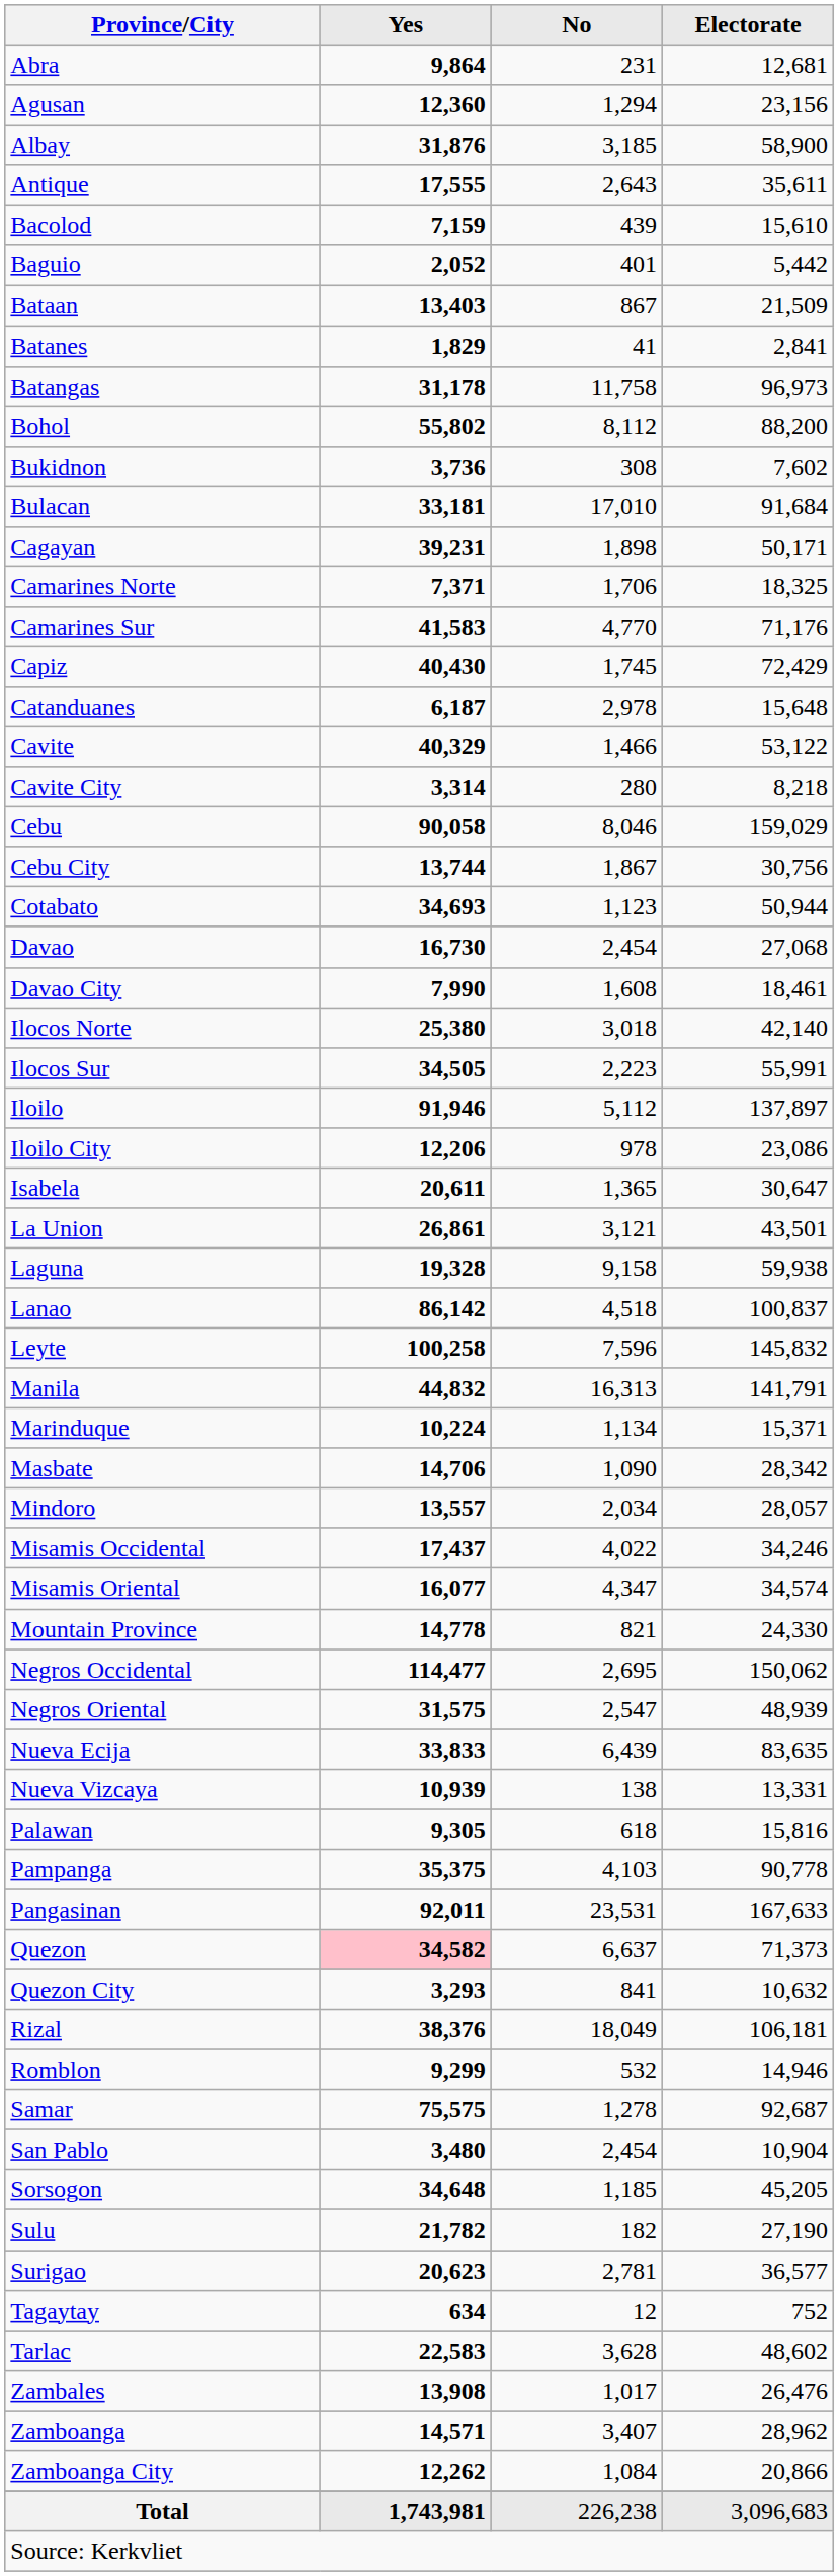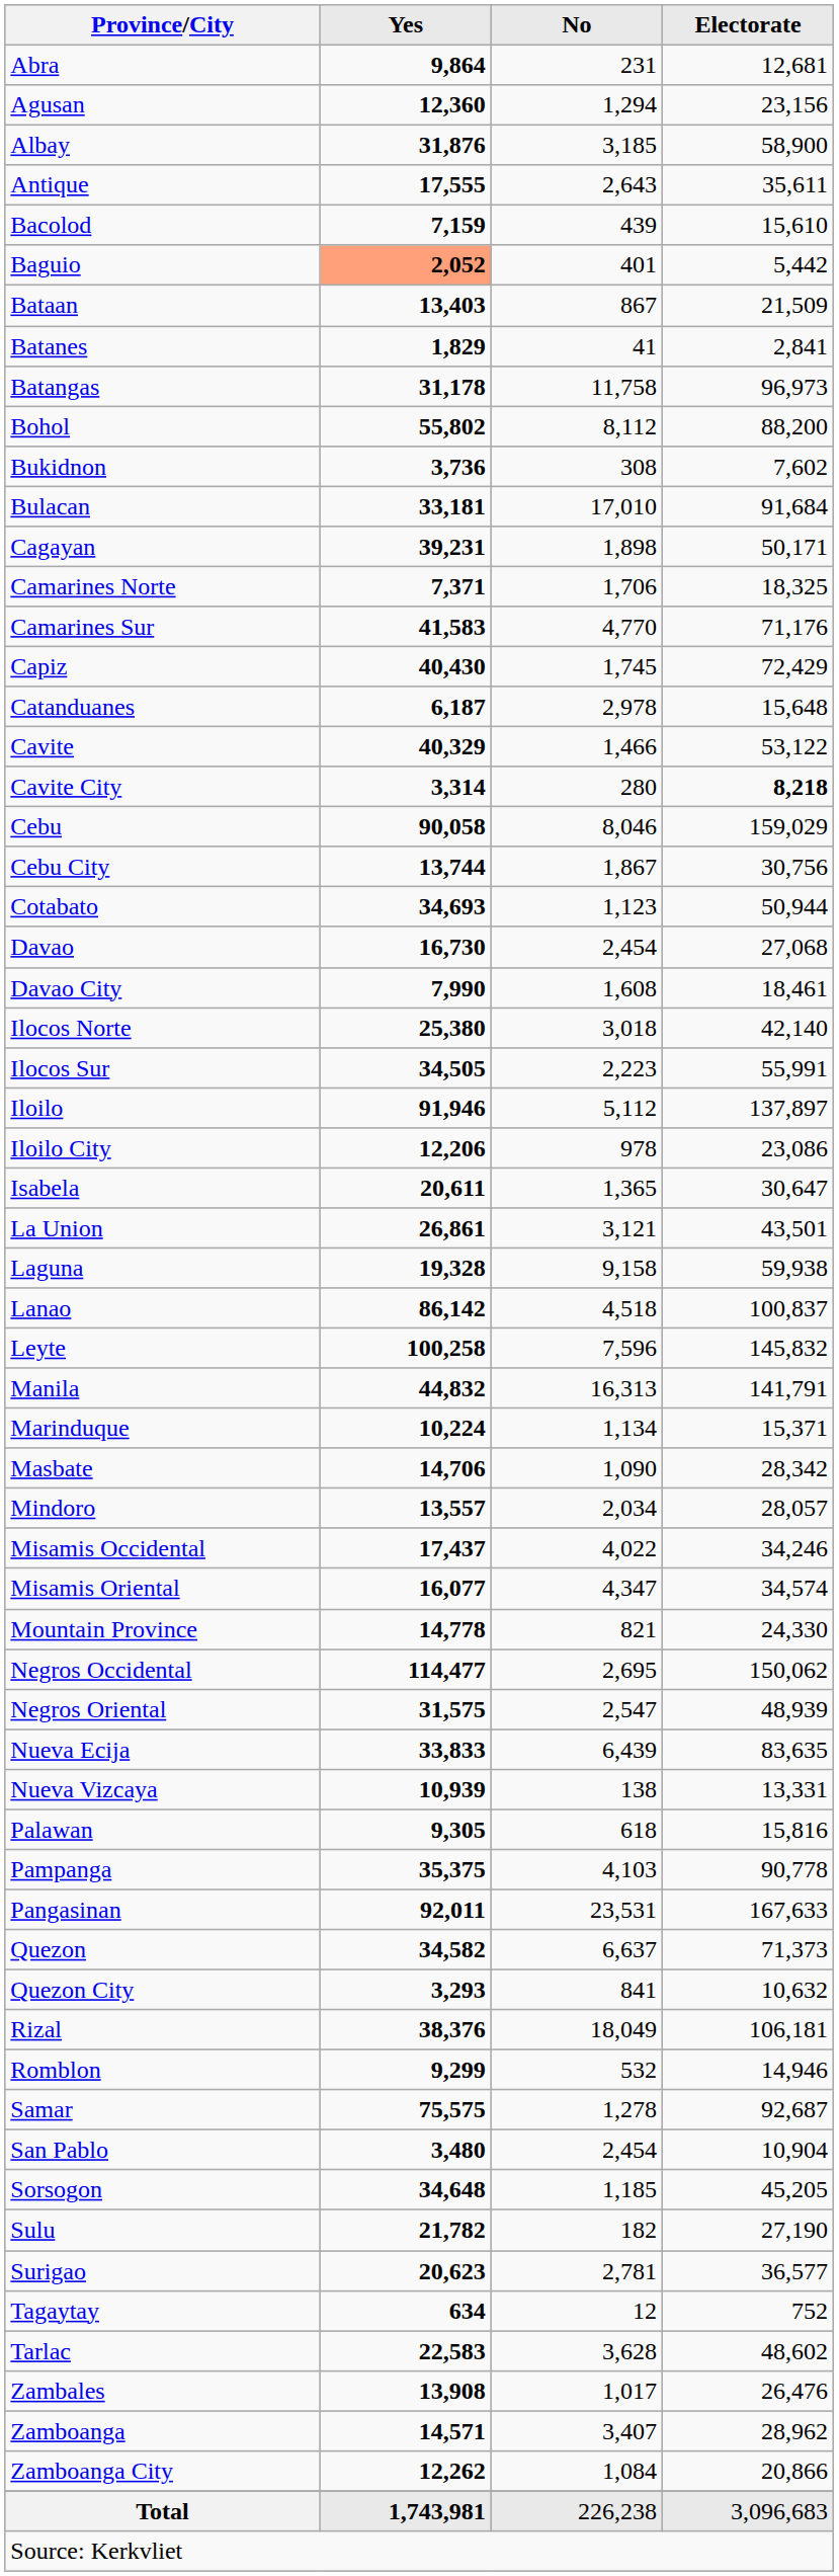 <table class="wikitable" style="text-align:right; font-size:95%">
 <tr>
 <th width="190px" align="left"><a href='#'>Province</a>/<a href='#'>City</a></th>
 <th width="100px" align="center" style="background: #E9E9E9">Yes</th>
 <th width="100px" align="center" style="background: #E9E9E9">No</th>
 <th width="100px" align="center" style="background: #E9E9E9">Electorate</th>
 </tr>
 <tr>
 <td align="left"><a href='#'>Abra</a></td>
 <td><strong>9,864</strong></td>
 <td>231</td>
 <td>12,681</td>
 </tr>
 <tr>
 <td align="left"><a href='#'>Agusan</a></td>
 <td><strong>12,360</strong></td>
 <td>1,294</td>
 <td>23,156</td>
 </tr>
 <tr>
 <td align="left"><a href='#'>Albay</a></td>
 <td><strong>31,876</strong></td>
 <td>3,185</td>
 <td>58,900</td>
 </tr>
 <tr>
 <td align="left"><a href='#'>Antique</a></td>
 <td><strong>17,555</strong></td>
 <td>2,643</td>
 <td>35,611</td>
 </tr>
 <tr>
 <td align="left"><a href='#'>Bacolod</a></td>
 <td><strong>7,159</strong></td>
 <td>439</td>
 <td>15,610</td>
 </tr>
 <tr>
 <td align="left"><a href='#'>Baguio</a></td>
-<td><strong>2,052</strong></td>
+<td style="background: lightsalmon;"><strong>2,052</strong></td>
 <td>401</td>
 <td>5,442</td>
 </tr>
 <tr>
 <td align="left"><a href='#'>Bataan</a></td>
 <td><strong>13,403</strong></td>
 <td>867</td>
 <td>21,509</td>
 </tr>
 <tr>
 <td align="left"><a href='#'>Batanes</a></td>
 <td><strong>1,829</strong></td>
 <td>41</td>
 <td>2,841</td>
 </tr>
 <tr>
 <td align="left"><a href='#'>Batangas</a></td>
 <td><strong>31,178</strong></td>
 <td>11,758</td>
 <td>96,973</td>
 </tr>
 <tr>
 <td align="left"><a href='#'>Bohol</a></td>
 <td><strong>55,802</strong></td>
 <td>8,112</td>
 <td>88,200</td>
 </tr>
 <tr>
 <td align="left"><a href='#'>Bukidnon</a></td>
 <td><strong>3,736</strong></td>
 <td>308</td>
 <td>7,602</td>
 </tr>
 <tr>
 <td align="left"><a href='#'>Bulacan</a></td>
 <td><strong>33,181</strong></td>
 <td>17,010</td>
 <td>91,684</td>
 </tr>
 <tr>
 <td align="left"><a href='#'>Cagayan</a></td>
 <td><strong>39,231</strong></td>
 <td>1,898</td>
 <td>50,171</td>
 </tr>
 <tr>
 <td align="left"><a href='#'>Camarines Norte</a></td>
 <td><strong>7,371</strong></td>
 <td>1,706</td>
 <td>18,325</td>
 </tr>
 <tr>
 <td align="left"><a href='#'>Camarines Sur</a></td>
 <td><strong>41,583</strong></td>
 <td>4,770</td>
 <td>71,176</td>
 </tr>
 <tr>
 <td align="left"><a href='#'>Capiz</a></td>
 <td><strong>40,430</strong></td>
 <td>1,745</td>
 <td>72,429</td>
 </tr>
 <tr>
 <td align="left"><a href='#'>Catanduanes</a></td>
 <td><strong>6,187</strong></td>
 <td>2,978</td>
 <td>15,648</td>
 </tr>
 <tr>
 <td align="left"><a href='#'>Cavite</a></td>
 <td><strong>40,329</strong></td>
 <td>1,466</td>
 <td>53,122</td>
 </tr>
 <tr>
 <td align="left"><a href='#'>Cavite City</a></td>
 <td><strong>3,314</strong></td>
 <td>280</td>
-<td>8,218</td>
+<td><strong>8,218</strong></td>
 </tr>
 <tr>
 <td align="left"><a href='#'>Cebu</a></td>
 <td><strong>90,058</strong></td>
 <td>8,046</td>
 <td>159,029</td>
 </tr>
 <tr>
 <td align="left"><a href='#'>Cebu City</a></td>
 <td><strong>13,744</strong></td>
 <td>1,867</td>
 <td>30,756</td>
 </tr>
 <tr>
 <td align="left"><a href='#'>Cotabato</a></td>
 <td><strong>34,693</strong></td>
 <td>1,123</td>
 <td>50,944</td>
 </tr>
 <tr>
 <td align="left"><a href='#'>Davao</a></td>
 <td><strong>16,730</strong></td>
 <td>2,454</td>
 <td>27,068</td>
 </tr>
 <tr>
 <td align="left"><a href='#'>Davao City</a></td>
 <td><strong>7,990</strong></td>
 <td>1,608</td>
 <td>18,461</td>
 </tr>
 <tr>
 <td align="left"><a href='#'>Ilocos Norte</a></td>
 <td><strong>25,380</strong></td>
 <td>3,018</td>
 <td>42,140</td>
 </tr>
 <tr>
 <td align="left"><a href='#'>Ilocos Sur</a></td>
 <td><strong>34,505</strong></td>
 <td>2,223</td>
 <td>55,991</td>
 </tr>
 <tr>
 <td align="left"><a href='#'>Iloilo</a></td>
 <td><strong>91,946</strong></td>
 <td>5,112</td>
 <td>137,897</td>
 </tr>
 <tr>
 <td align="left"><a href='#'>Iloilo City</a></td>
 <td><strong>12,206</strong></td>
 <td>978</td>
 <td>23,086</td>
 </tr>
 <tr>
 <td align="left"><a href='#'>Isabela</a></td>
 <td><strong>20,611</strong></td>
 <td>1,365</td>
 <td>30,647</td>
 </tr>
 <tr>
 <td align="left"><a href='#'>La Union</a></td>
 <td><strong>26,861</strong></td>
 <td>3,121</td>
 <td>43,501</td>
 </tr>
 <tr>
 <td align="left"><a href='#'>Laguna</a></td>
 <td><strong>19,328</strong></td>
 <td>9,158</td>
 <td>59,938</td>
 </tr>
 <tr>
 <td align="left"><a href='#'>Lanao</a></td>
 <td><strong>86,142</strong></td>
 <td>4,518</td>
 <td>100,837</td>
 </tr>
 <tr>
 <td align="left"><a href='#'>Leyte</a></td>
 <td><strong>100,258</strong></td>
 <td>7,596</td>
 <td>145,832</td>
 </tr>
 <tr>
 <td align="left"><a href='#'>Manila</a></td>
 <td><strong>44,832</strong></td>
 <td>16,313</td>
 <td>141,791</td>
 </tr>
 <tr>
 <td align="left"><a href='#'>Marinduque</a></td>
 <td><strong>10,224</strong></td>
 <td>1,134</td>
 <td>15,371</td>
 </tr>
 <tr>
 <td align="left"><a href='#'>Masbate</a></td>
 <td><strong>14,706</strong></td>
 <td>1,090</td>
 <td>28,342</td>
 </tr>
 <tr>
 <td align="left"><a href='#'>Mindoro</a></td>
 <td><strong>13,557</strong></td>
 <td>2,034</td>
 <td>28,057</td>
 </tr>
 <tr>
 <td align="left"><a href='#'>Misamis Occidental</a></td>
 <td><strong>17,437</strong></td>
 <td>4,022</td>
 <td>34,246</td>
 </tr>
 <tr>
 <td align="left"><a href='#'>Misamis Oriental</a></td>
 <td><strong>16,077</strong></td>
 <td>4,347</td>
 <td>34,574</td>
 </tr>
 <tr>
 <td align="left"><a href='#'>Mountain Province</a></td>
 <td><strong>14,778</strong></td>
 <td>821</td>
 <td>24,330</td>
 </tr>
 <tr>
 <td align="left"><a href='#'>Negros Occidental</a></td>
 <td><strong>114,477</strong></td>
 <td>2,695</td>
 <td>150,062</td>
 </tr>
 <tr>
 <td align="left"><a href='#'>Negros Oriental</a></td>
 <td><strong>31,575</strong></td>
 <td>2,547</td>
 <td>48,939</td>
 </tr>
 <tr>
 <td align="left"><a href='#'>Nueva Ecija</a></td>
 <td><strong>33,833</strong></td>
 <td>6,439</td>
 <td>83,635</td>
 </tr>
 <tr>
 <td align="left"><a href='#'>Nueva Vizcaya</a></td>
 <td><strong>10,939</strong></td>
 <td>138</td>
 <td>13,331</td>
 </tr>
 <tr>
 <td align="left"><a href='#'>Palawan</a></td>
 <td><strong>9,305</strong></td>
 <td>618</td>
 <td>15,816</td>
 </tr>
 <tr>
 <td align="left"><a href='#'>Pampanga</a></td>
 <td><strong>35,375</strong></td>
 <td>4,103</td>
 <td>90,778</td>
 </tr>
 <tr>
 <td align="left"><a href='#'>Pangasinan</a></td>
 <td><strong>92,011</strong></td>
 <td>23,531</td>
 <td>167,633</td>
 </tr>
 <tr>
 <td align="left"><a href='#'>Quezon</a></td>
-<td style="background: pink;"><strong>34,582</strong></td>
+<td><strong>34,582</strong></td>
 <td>6,637</td>
 <td>71,373</td>
 </tr>
 <tr>
 <td align="left"><a href='#'>Quezon City</a></td>
 <td><strong>3,293</strong></td>
 <td>841</td>
 <td>10,632</td>
 </tr>
 <tr>
 <td align="left"><a href='#'>Rizal</a></td>
 <td><strong>38,376</strong></td>
 <td>18,049</td>
 <td>106,181</td>
 </tr>
 <tr>
 <td align="left"><a href='#'>Romblon</a></td>
 <td><strong>9,299</strong></td>
 <td>532</td>
 <td>14,946</td>
 </tr>
 <tr>
 <td align="left"><a href='#'>Samar</a></td>
 <td><strong>75,575</strong></td>
 <td>1,278</td>
 <td>92,687</td>
 </tr>
 <tr>
 <td align="left"><a href='#'>San Pablo</a></td>
 <td><strong>3,480</strong></td>
 <td>2,454</td>
 <td>10,904</td>
 </tr>
 <tr>
 <td align="left"><a href='#'>Sorsogon</a></td>
 <td><strong>34,648</strong></td>
 <td>1,185</td>
 <td>45,205</td>
 </tr>
 <tr>
 <td align="left"><a href='#'>Sulu</a></td>
 <td><strong>21,782</strong></td>
 <td>182</td>
 <td>27,190</td>
 </tr>
 <tr>
 <td align="left"><a href='#'>Surigao</a></td>
 <td><strong>20,623</strong></td>
 <td>2,781</td>
 <td>36,577</td>
 </tr>
 <tr>
 <td align="left"><a href='#'>Tagaytay</a></td>
 <td><strong>634</strong></td>
 <td>12</td>
 <td>752</td>
 </tr>
 <tr>
 <td align="left"><a href='#'>Tarlac</a></td>
 <td><strong>22,583</strong></td>
 <td>3,628</td>
 <td>48,602</td>
 </tr>
 <tr>
 <td align="left"><a href='#'>Zambales</a></td>
 <td><strong>13,908</strong></td>
 <td>1,017</td>
 <td>26,476</td>
 </tr>
 <tr>
 <td align="left"><a href='#'>Zamboanga</a></td>
 <td><strong>14,571</strong></td>
 <td>3,407</td>
 <td>28,962</td>
 </tr>
 <tr>
 <td align="left"><a href='#'>Zamboanga City</a></td>
 <td><strong>12,262</strong></td>
 <td>1,084</td>
 <td>20,866</td>
 </tr>
 <tr>
 </tr>
 <tr style="background:#E9E9E9">
 <th align="center"><strong>Total</strong></th>
 <td><strong>1,743,981</strong></td>
 <td>226,238</td>
 <td>3,096,683</td>
 </tr>
 <tr>
 <td colspan="4" align="left">Source: Kerkvliet</td>
 </tr>
 </table>
